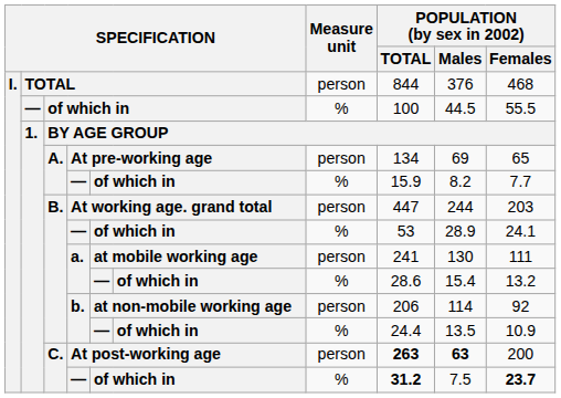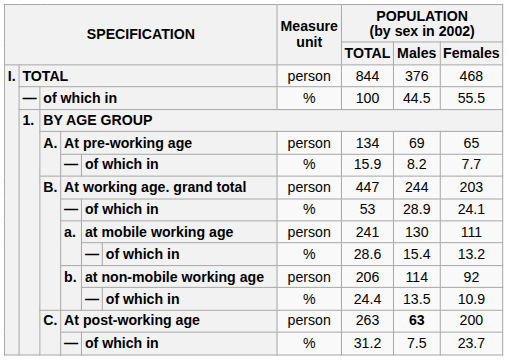 <table class="wikitable" style="font-size:85%; text-align:center">
 <tr>
 <th rowspan="2" colspan="6">SPECIFICATION</th>
 <th rowspan="2">Measure<br> unit</th>
 <th colspan="3" rowspan="1">POPULATION<br> (by sex in 2002)</th>
 </tr>
 <tr>
 <th>TOTAL</th>
 <th>Males</th>
 <th>Females</th>
 </tr>
 <tr>
 <th style="text-align:left" valign="top" rowspan="13">I.</th>
 <th style="text-align:left" colspan="5">TOTAL</th>
 <td>person</td>
 <td>844</td>
 <td>376</td>
 <td>468</td>
 </tr>
 <tr>
 <th style="text-align:left" valign="top">—</th>
 <th style="text-align:left" colspan="4">of which in</th>
 <td>%</td>
 <td>100</td>
 <td>44.5</td>
 <td>55.5</td>
 </tr>
 <tr>
 <th style="text-align:left" valign="top" rowspan="11">1.</th>
 <th style="text-align:left" colspan="19">BY AGE GROUP</th>
 </tr>
 <tr>
 <th style="text-align:left" valign="top" rowspan="2">A.</th>
 <th style="text-align:left" colspan="3">At pre-working age</th>
 <td>person</td>
 <td>134</td>
 <td>69</td>
 <td>65</td>
 </tr>
 <tr>
 <th style="text-align:left" valign="top">—</th>
 <th style="text-align:left" valign="top" colspan="2">of which in</th>
 <td>%</td>
 <td>15.9</td>
 <td>8.2</td>
 <td>7.7</td>
 </tr>
 <tr>
 <th style="text-align:left" valign="top" rowspan="6">B.</th>
 <th style="text-align:left" colspan="3">At working age. grand total</th>
 <td>person</td>
 <td>447</td>
 <td>244</td>
 <td>203</td>
 </tr>
 <tr>
 <th style="text-align:left" valign="top">—</th>
 <th style="text-align:left" valign="top" colspan="2">of which in</th>
 <td>%</td>
 <td>53</td>
 <td>28.9</td>
 <td>24.1</td>
 </tr>
 <tr>
 <th style="text-align:left" valign="top" rowspan="2">a.</th>
 <th style="text-align:left" colspan="2">at mobile working age</th>
 <td>person</td>
 <td>241</td>
 <td>130</td>
 <td>111</td>
 </tr>
 <tr>
 <th style="text-align:left" valign="top">—</th>
 <th style="text-align:left" valign="top" colspan="1">of which in                        </th>
 <td>%</td>
 <td>28.6</td>
 <td>15.4</td>
 <td>13.2</td>
 </tr>
 <tr>
 <th style="text-align:left" valign="top" rowspan="2">b.</th>
 <th style="text-align:left" colspan="2">at non-mobile working age</th>
 <td>person</td>
 <td>206</td>
 <td>114</td>
 <td>92</td>
 </tr>
 <tr>
 <th style="text-align:left" valign="top">—</th>
 <th style="text-align:left" valign="top" colspan="1">of which in                        </th>
 <td>%</td>
 <td>24.4</td>
 <td>13.5</td>
 <td>10.9</td>
 </tr>
 <tr>
 <th style="text-align:left" valign="top" rowspan="2">C.</th>
 <th style="text-align:left" colspan="3">At post-working age</th>
 <td>person</td>
-<td><strong>263</strong></td>
+<td>263</td>
 <td><strong>63</strong></td>
 <td>200</td>
 </tr>
 <tr>
 <th style="text-align:left" valign="top">—</th>
 <th style="text-align:left" valign="top" colspan="2">of which in</th>
 <td>%</td>
-<td><strong>31.2</strong></td>
+<td>31.2</td>
 <td>7.5</td>
-<td><strong>23.7</strong></td>
+<td>23.7</td>
 </tr>
 </table>
